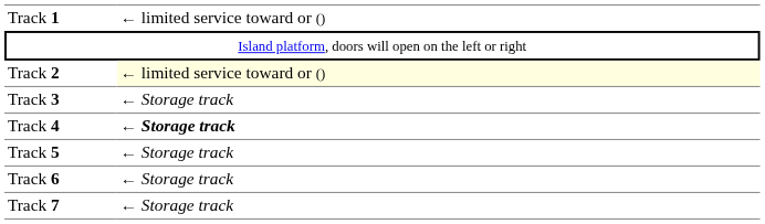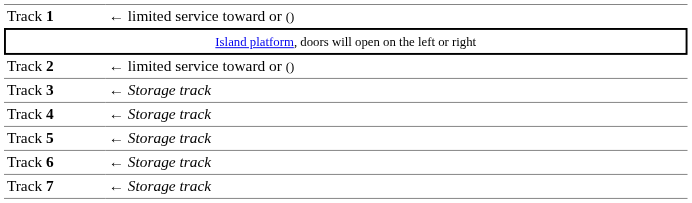 <table table border=0 cellspacing=0 cellpadding=3>
 <tr>
 <td style="border-top:solid 1px gray;" width=100>Track <strong>1</strong></td>
 <td style="border-top:solid 1px gray;" width=600>←  limited service toward  or  <small>()</small></td>
 </tr>
 <tr>
 <td style="border-top:solid 2px black;border-right:solid 2px black;border-left:solid 2px black;border-bottom:solid 2px black;text-align:center;" colspan=2><small><a href='#'>Island platform</a>, doors will open on the left or right </small></td>
 </tr>
 <tr>
 <td style="border-bottom:solid 1px gray;">Track <strong>2</strong></td>
-<td style="background: lightyellow; border-bottom:solid 1px gray;">←  limited service toward  or  <small>()</small></td>
+<td style="border-bottom:solid 1px gray;">←  limited service toward  or  <small>()</small></td>
 </tr>
 <tr>
 <td style="border-bottom:solid 1px gray;">Track <strong>3</strong></td>
 <td style="border-bottom:solid 1px gray;">← <em>Storage track</em></td>
 </tr>
 <tr>
 <td style="border-bottom:solid 1px gray;">Track <strong>4</strong></td>
-<td style="border-bottom:solid 1px gray;"><strong>← <em>Storage track</em></strong></td>
+<td style="border-bottom:solid 1px gray;">← <em>Storage track</em></td>
 </tr>
 <tr>
 <td style="border-bottom:solid 1px gray;">Track <strong>5</strong></td>
 <td style="border-bottom:solid 1px gray;">← <em>Storage track</em></td>
 </tr>
 <tr>
 <td style="border-bottom:solid 1px gray;">Track <strong>6</strong></td>
 <td style="border-bottom:solid 1px gray;">← <em>Storage track</em></td>
 </tr>
 <tr>
 <td style="border-bottom:solid 1px gray;">Track <strong>7</strong></td>
 <td style="border-bottom:solid 1px gray;">← <em>Storage track</em></td>
 </tr>
 </table>
